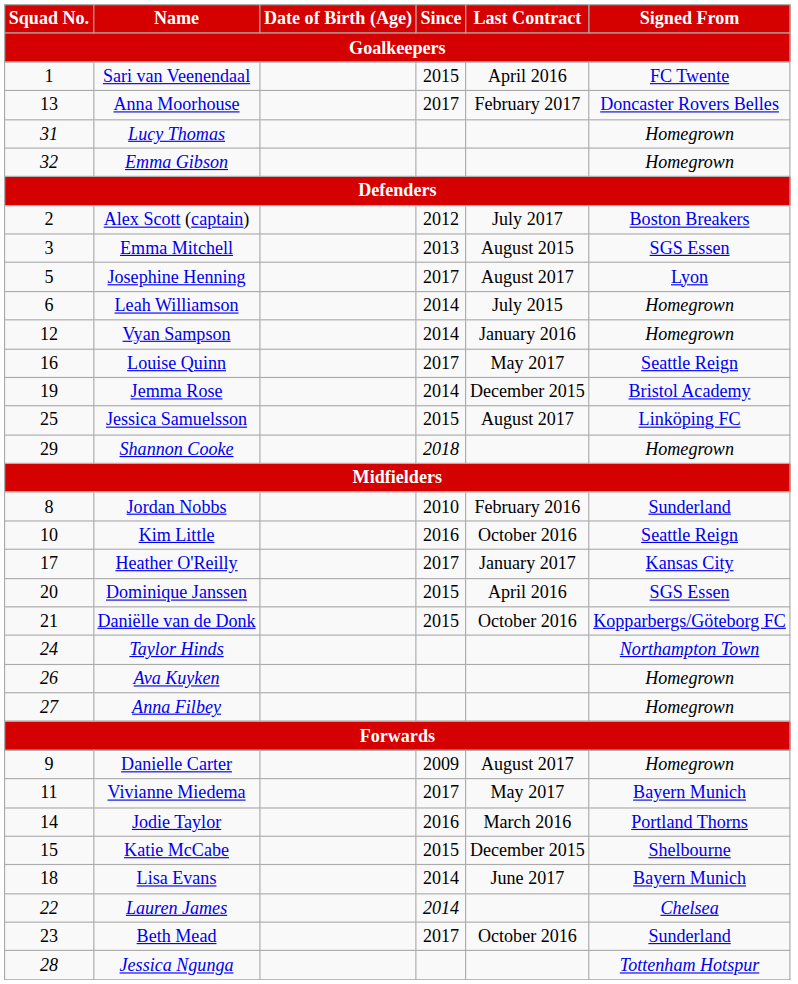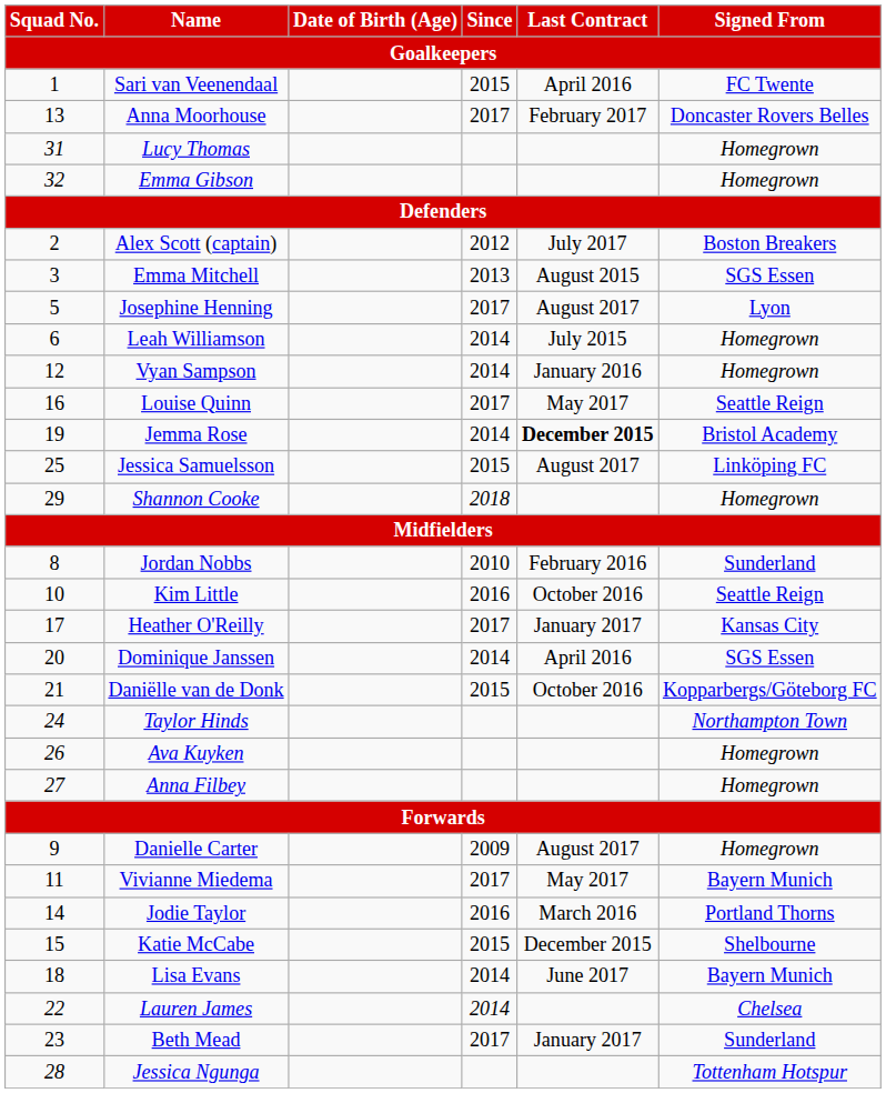 <table class="wikitable" style="text-align:center; font-size:100%; ">
 <tr>
 <th style="background:#d50000; color:white; text-align:center;">Squad No.</th>
 <th style="background:#d50000; color:white; text-align:center;">Name</th>
 <th style="background:#d50000; color:white; text-align:center;">Date of Birth (Age)</th>
 <th style="background:#d50000; color:white; text-align:center;">Since</th>
 <th style="background:#d50000; color:white; text-align:center;">Last Contract</th>
 <th style="background:#d50000; color:white; text-align:center;">Signed From</th>
 </tr>
 <tr>
 <th colspan="6" style="background:#d50000; color:white; text-align:center">Goalkeepers</th>
 </tr>
 <tr>
 <td>1</td>
 <td> <a href='#'>Sari van Veenendaal</a></td>
 <td></td>
 <td>2015</td>
 <td>April 2016</td>
 <td> <a href='#'>FC Twente</a></td>
 </tr>
 <tr>
 <td>13</td>
 <td> <a href='#'>Anna Moorhouse</a></td>
 <td></td>
 <td>2017</td>
 <td>February 2017</td>
 <td> <a href='#'>Doncaster Rovers Belles</a></td>
 </tr>
 <tr>
 <td><em>31</em></td>
 <td><em> <a href='#'>Lucy Thomas</a></em></td>
 <td><em></em></td>
 <td></td>
 <td></td>
 <td><em>Homegrown</em></td>
 </tr>
 <tr>
 <td><em>32</em></td>
 <td><em> <a href='#'>Emma Gibson</a></em></td>
 <td></td>
 <td></td>
 <td></td>
 <td><em>Homegrown</em></td>
 </tr>
 <tr>
 <th colspan="6" style="background:#d50000; color:white; text-align:center">Defenders</th>
 </tr>
 <tr>
 <td>2</td>
 <td> <a href='#'>Alex Scott</a> (<a href='#'>captain</a>)</td>
 <td></td>
 <td>2012</td>
 <td>July 2017</td>
 <td> <a href='#'>Boston Breakers</a></td>
 </tr>
 <tr>
 <td>3</td>
 <td> <a href='#'>Emma Mitchell</a></td>
 <td></td>
 <td>2013</td>
 <td>August 2015</td>
 <td> <a href='#'>SGS Essen</a></td>
 </tr>
 <tr>
 <td>5</td>
 <td> <a href='#'>Josephine Henning</a></td>
 <td></td>
 <td>2017</td>
 <td>August 2017</td>
 <td> <a href='#'>Lyon</a></td>
 </tr>
 <tr>
 <td>6</td>
 <td> <a href='#'>Leah Williamson</a></td>
 <td></td>
 <td>2014</td>
 <td>July 2015</td>
 <td><em>Homegrown</em></td>
 </tr>
 <tr>
 <td>12</td>
 <td> <a href='#'>Vyan Sampson</a></td>
 <td></td>
 <td>2014</td>
 <td>January 2016</td>
 <td><em>Homegrown</em></td>
 </tr>
 <tr>
 <td>16</td>
 <td> <a href='#'>Louise Quinn</a></td>
 <td></td>
 <td>2017</td>
 <td>May 2017</td>
 <td> <a href='#'>Seattle Reign</a></td>
 </tr>
 <tr>
 <td>19</td>
 <td> <a href='#'>Jemma Rose</a></td>
 <td></td>
 <td>2014</td>
-<td>December 2015</td>
+<td><strong>December 2015</strong></td>
 <td> <a href='#'>Bristol Academy</a></td>
 </tr>
 <tr>
 <td>25</td>
 <td> <a href='#'>Jessica Samuelsson</a></td>
 <td></td>
 <td>2015</td>
 <td>August 2017</td>
 <td> <a href='#'>Linköping FC</a></td>
 </tr>
 <tr>
 <td>29</td>
 <td> <em><a href='#'>Shannon Cooke</a></em></td>
 <td><em></em></td>
 <td><em>2018</em></td>
 <td></td>
 <td><em>Homegrown</em></td>
 </tr>
 <tr>
 <th colspan="6" style="background:#d50000; color:white; text-align:center">Midfielders</th>
 </tr>
 <tr>
 <td>8</td>
 <td> <a href='#'>Jordan Nobbs</a></td>
 <td></td>
 <td>2010</td>
 <td>February 2016</td>
 <td> <a href='#'>Sunderland</a></td>
 </tr>
 <tr>
 <td>10</td>
 <td> <a href='#'>Kim Little</a></td>
 <td></td>
 <td>2016</td>
 <td>October 2016</td>
 <td> <a href='#'>Seattle Reign</a></td>
 </tr>
 <tr>
 <td>17</td>
 <td> <a href='#'>Heather O'Reilly</a></td>
 <td></td>
 <td>2017</td>
 <td>January 2017</td>
 <td> <a href='#'>Kansas City</a></td>
 </tr>
 <tr>
 <td>20</td>
 <td> <a href='#'>Dominique Janssen</a></td>
 <td></td>
-<td>2015</td>
+<td>2014</td>
 <td>April 2016</td>
 <td> <a href='#'>SGS Essen</a></td>
 </tr>
 <tr>
 <td>21</td>
 <td> <a href='#'>Daniëlle van de Donk</a></td>
 <td></td>
 <td>2015</td>
 <td>October 2016</td>
 <td> <a href='#'>Kopparbergs/Göteborg FC</a></td>
 </tr>
 <tr>
 <td><em>24</em></td>
 <td><em> <a href='#'>Taylor Hinds</a></em></td>
 <td><em></em></td>
 <td></td>
 <td></td>
 <td><em> <a href='#'>Northampton Town</a></em></td>
 </tr>
 <tr>
 <td><em>26</em></td>
 <td><em> <a href='#'>Ava Kuyken</a></em></td>
 <td><em></em></td>
 <td></td>
 <td></td>
 <td><em>Homegrown</em></td>
 </tr>
 <tr>
 <td><em>27</em></td>
 <td><em> <a href='#'>Anna Filbey</a></em></td>
 <td><em></em></td>
 <td></td>
 <td></td>
 <td><em>Homegrown</em></td>
 </tr>
 <tr>
 <th colspan="6" style="background:#d50000; color:white; text-align:center">Forwards</th>
 </tr>
 <tr>
 <td>9</td>
 <td> <a href='#'>Danielle Carter</a></td>
 <td></td>
 <td>2009</td>
 <td>August 2017</td>
 <td><em>Homegrown</em></td>
 </tr>
 <tr>
 <td>11</td>
 <td> <a href='#'>Vivianne Miedema</a></td>
 <td></td>
 <td>2017</td>
 <td>May 2017</td>
 <td> <a href='#'>Bayern Munich</a></td>
 </tr>
 <tr>
 <td>14</td>
 <td> <a href='#'>Jodie Taylor</a></td>
 <td></td>
 <td>2016</td>
 <td>March 2016</td>
 <td> <a href='#'>Portland Thorns</a></td>
 </tr>
 <tr>
 <td>15</td>
 <td> <a href='#'>Katie McCabe</a></td>
 <td></td>
 <td>2015</td>
 <td>December 2015</td>
 <td> <a href='#'>Shelbourne</a></td>
 </tr>
 <tr>
 <td>18</td>
 <td> <a href='#'>Lisa Evans</a></td>
 <td></td>
 <td>2014</td>
 <td>June 2017</td>
 <td> <a href='#'>Bayern Munich</a></td>
 </tr>
 <tr>
 <td><em>22</em></td>
 <td><em> <a href='#'>Lauren James</a></em></td>
 <td><em></em></td>
 <td><em>2014</em></td>
 <td></td>
 <td><em> <a href='#'>Chelsea</a></em></td>
 </tr>
 <tr>
 <td>23</td>
 <td> <a href='#'>Beth Mead</a></td>
 <td></td>
 <td>2017</td>
-<td>October 2016</td>
+<td>January 2017</td>
 <td> <a href='#'>Sunderland</a></td>
 </tr>
 <tr>
 <td><em>28</em></td>
 <td><em> <a href='#'>Jessica Ngunga</a></em></td>
 <td><em></em></td>
 <td></td>
 <td></td>
 <td><em> <a href='#'>Tottenham Hotspur</a></em></td>
 </tr>
 </table>
